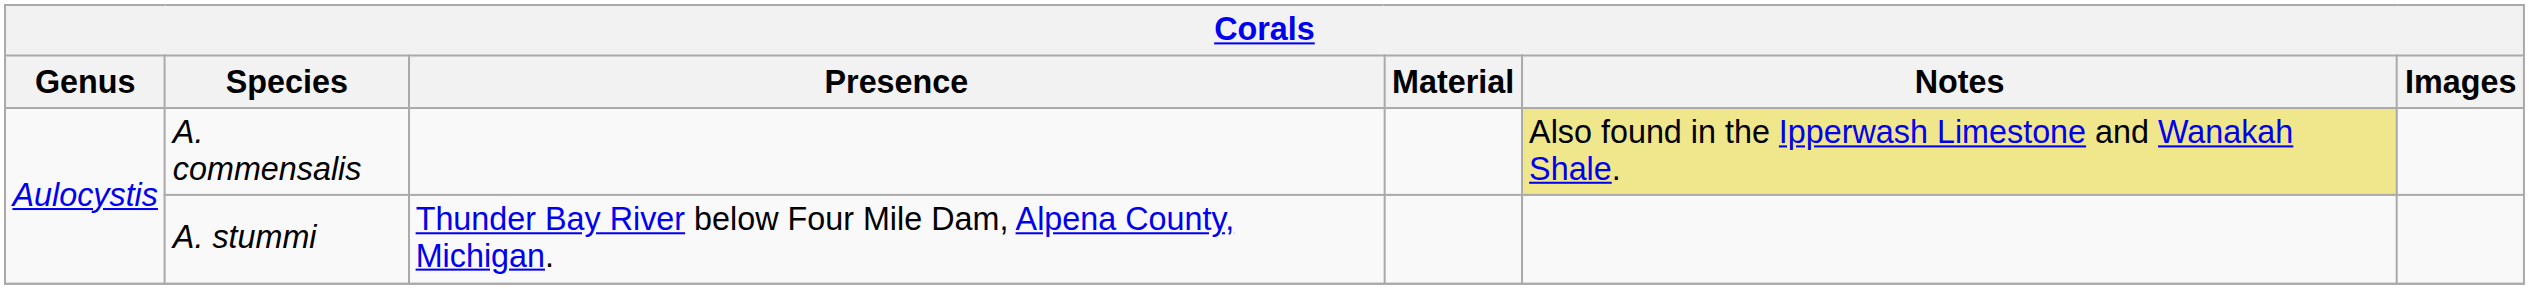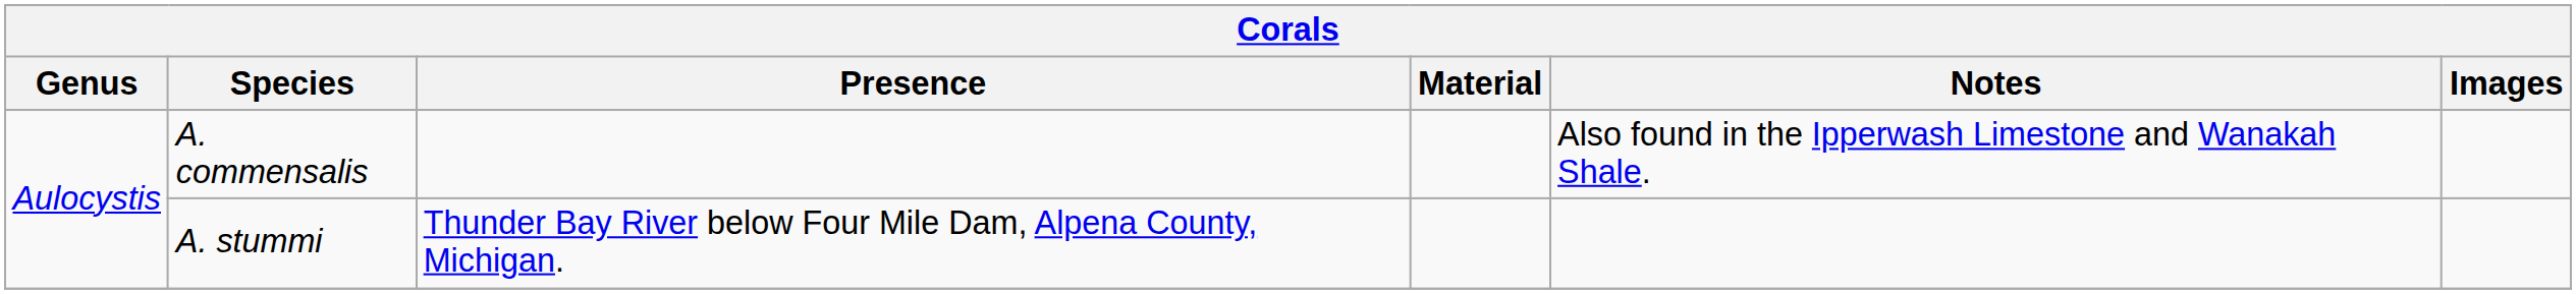 <table class="wikitable" align="center">
 <tr>
 <th colspan="6" align="center"><strong><a href='#'>Corals</a></strong></th>
 </tr>
 <tr>
 <th>Genus</th>
 <th>Species</th>
 <th>Presence</th>
 <th><strong>Material</strong></th>
 <th>Notes</th>
 <th>Images</th>
 </tr>
 <tr>
 <td rowspan=2><em><a href='#'>Aulocystis</a></em></td>
 <td><em>A. commensalis</em></td>
 <td></td>
 <td></td>
-<td style="background: khaki;">Also found in the <a href='#'>Ipperwash Limestone</a> and <a href='#'>Wanakah Shale</a>.</td>
+<td>Also found in the <a href='#'>Ipperwash Limestone</a> and <a href='#'>Wanakah Shale</a>.</td>
 <td></td>
 </tr>
 <tr>
 <td><em>A. stummi</em></td>
 <td><a href='#'>Thunder Bay River</a> below Four Mile Dam, <a href='#'>Alpena County, Michigan</a>.</td>
 <td></td>
 <td></td>
 <td></td>
 </tr>
 <tr>
 </tr>
 </table>
